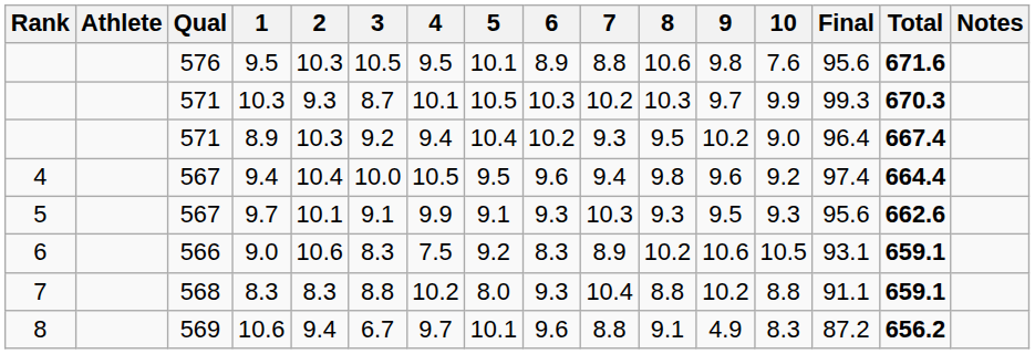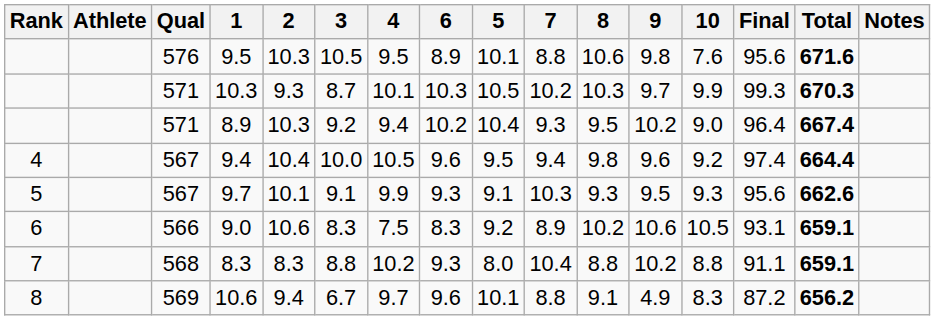 <table class="wikitable sortable">
 <tr>
 <th>Rank</th>
 <th>Athlete</th>
 <th>Qual</th>
 <th class="unsortable" style="width: 28px">1</th>
 <th class="unsortable" style="width: 28px">2</th>
 <th class="unsortable" style="width: 28px">3</th>
 <th class="unsortable" style="width: 28px">4</th>
+<th class="unsortable" style="width: 28px">6</th>
 <th class="unsortable" style="width: 28px">5</th>
-<th class="unsortable" style="width: 28px">6</th>
 <th class="unsortable" style="width: 28px">7</th>
 <th class="unsortable" style="width: 28px">8</th>
 <th class="unsortable" style="width: 28px">9</th>
 <th class="unsortable" style="width: 28px">10</th>
 <th>Final</th>
 <th>Total</th>
 <th>Notes</th>
 </tr>
 <tr>
 <td align="center"></td>
 <td></td>
 <td align="center">576</td>
 <td align="center">9.5</td>
 <td align="center">10.3</td>
 <td align="center">10.5</td>
 <td align="center">9.5</td>
+<td align="center">8.9</td>
 <td align="center">10.1</td>
-<td align="center">8.9</td>
 <td align="center">8.8</td>
 <td align="center">10.6</td>
 <td align="center">9.8</td>
 <td align="center">7.6</td>
 <td align="center">95.6</td>
 <td align="center"><strong>671.6</strong></td>
 <td align="center"></td>
 </tr>
 <tr>
 <td align="center"></td>
 <td></td>
 <td align="center">571</td>
 <td align="center">10.3</td>
 <td align="center">9.3</td>
 <td align="center">8.7</td>
 <td align="center">10.1</td>
+<td align="center">10.3</td>
 <td align="center">10.5</td>
-<td align="center">10.3</td>
 <td align="center">10.2</td>
 <td align="center">10.3</td>
 <td align="center">9.7</td>
 <td align="center">9.9</td>
 <td align="center">99.3</td>
 <td align="center"><strong>670.3</strong></td>
 <td align="center"></td>
 </tr>
 <tr>
 <td align="center"></td>
 <td></td>
 <td align="center">571</td>
 <td align="center">8.9</td>
 <td align="center">10.3</td>
 <td align="center">9.2</td>
 <td align="center">9.4</td>
+<td align="center">10.2</td>
 <td align="center">10.4</td>
-<td align="center">10.2</td>
 <td align="center">9.3</td>
 <td align="center">9.5</td>
 <td align="center">10.2</td>
 <td align="center">9.0</td>
 <td align="center">96.4</td>
 <td align="center"><strong>667.4</strong></td>
 <td></td>
 </tr>
 <tr>
 <td align="center">4</td>
 <td></td>
 <td align="center">567</td>
 <td align="center">9.4</td>
 <td align="center">10.4</td>
 <td align="center">10.0</td>
 <td align="center">10.5</td>
+<td align="center">9.6</td>
 <td align="center">9.5</td>
-<td align="center">9.6</td>
 <td align="center">9.4</td>
 <td align="center">9.8</td>
 <td align="center">9.6</td>
 <td align="center">9.2</td>
 <td align="center">97.4</td>
 <td align="center"><strong>664.4</strong></td>
 <td></td>
 </tr>
 <tr>
 <td align="center">5</td>
 <td></td>
 <td align="center">567</td>
 <td align="center">9.7</td>
 <td align="center">10.1</td>
 <td align="center">9.1</td>
 <td align="center">9.9</td>
+<td align="center">9.3</td>
 <td align="center">9.1</td>
-<td align="center">9.3</td>
 <td align="center">10.3</td>
 <td align="center">9.3</td>
 <td align="center">9.5</td>
 <td align="center">9.3</td>
 <td align="center">95.6</td>
 <td align="center"><strong>662.6</strong></td>
 <td></td>
 </tr>
 <tr>
 <td align="center">6</td>
 <td></td>
 <td align="center">566</td>
 <td align="center">9.0</td>
 <td align="center">10.6</td>
 <td align="center">8.3</td>
 <td align="center">7.5</td>
+<td align="center">8.3</td>
 <td align="center">9.2</td>
-<td align="center">8.3</td>
 <td align="center">8.9</td>
 <td align="center">10.2</td>
 <td align="center">10.6</td>
 <td align="center">10.5</td>
 <td align="center">93.1</td>
 <td align="center"><strong>659.1</strong></td>
 <td></td>
 </tr>
 <tr>
 <td align="center">7</td>
 <td></td>
 <td align="center">568</td>
 <td align="center">8.3</td>
 <td align="center">8.3</td>
 <td align="center">8.8</td>
 <td align="center">10.2</td>
+<td align="center">9.3</td>
 <td align="center">8.0</td>
-<td align="center">9.3</td>
 <td align="center">10.4</td>
 <td align="center">8.8</td>
 <td align="center">10.2</td>
 <td align="center">8.8</td>
 <td align="center">91.1</td>
 <td align="center"><strong>659.1</strong></td>
 <td></td>
 </tr>
 <tr>
 <td align="center">8</td>
 <td></td>
 <td align="center">569</td>
 <td align="center">10.6</td>
 <td align="center">9.4</td>
 <td align="center">6.7</td>
 <td align="center">9.7</td>
+<td align="center">9.6</td>
 <td align="center">10.1</td>
-<td align="center">9.6</td>
 <td align="center">8.8</td>
 <td align="center">9.1</td>
 <td align="center">4.9</td>
 <td align="center">8.3</td>
 <td align="center">87.2</td>
 <td align="center"><strong>656.2</strong></td>
 <td></td>
 </tr>
 </table>
